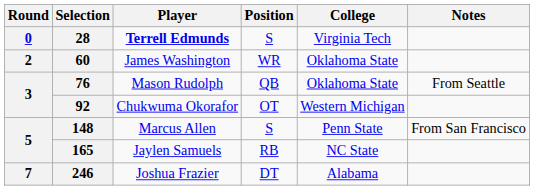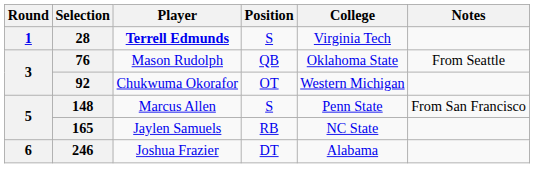 <table class="wikitable" style="text-align:center">
 <tr>
 <th>Round</th>
 <th>Selection</th>
 <th>Player</th>
 <th>Position</th>
 <th>College</th>
 <th>Notes</th>
 </tr>
 <tr>
-<th><a href='#'>0</a></th>
+<th><a href='#'>1</a></th>
 <th>28</th>
 <td><strong><a href='#'>Terrell Edmunds</a></strong></td>
 <td><a href='#'>S</a></td>
 <td><a href='#'>Virginia Tech</a></td>
-<td></td>
-</tr>
-<tr>
-<th>2</th>
-<th>60</th>
-<td><a href='#'>James Washington</a></td>
-<td><a href='#'>WR</a></td>
-<td><a href='#'>Oklahoma State</a></td>
 <td></td>
 </tr>
 <tr>
 <th rowspan="2">3</th>
 <th>76</th>
 <td><a href='#'>Mason Rudolph</a></td>
 <td><a href='#'>QB</a></td>
 <td><a href='#'>Oklahoma State</a></td>
 <td>From Seattle</td>
 </tr>
 <tr>
 <th>92</th>
 <td><a href='#'>Chukwuma Okorafor</a></td>
 <td><a href='#'>OT</a></td>
 <td><a href='#'>Western Michigan</a></td>
 <td></td>
 </tr>
 <tr>
 <th rowspan="2">5</th>
 <th>148</th>
 <td><a href='#'>Marcus Allen</a></td>
 <td><a href='#'>S</a></td>
 <td><a href='#'>Penn State</a></td>
 <td>From San Francisco</td>
 </tr>
 <tr>
 <th>165</th>
 <td><a href='#'>Jaylen Samuels</a></td>
 <td><a href='#'>RB</a></td>
 <td><a href='#'>NC State</a></td>
 <td></td>
 </tr>
 <tr>
-<th>7</th>
+<th>6</th>
 <th>246</th>
 <td><a href='#'>Joshua Frazier</a></td>
 <td><a href='#'>DT</a></td>
 <td><a href='#'>Alabama</a></td>
 <td></td>
 </tr>
 </table>
